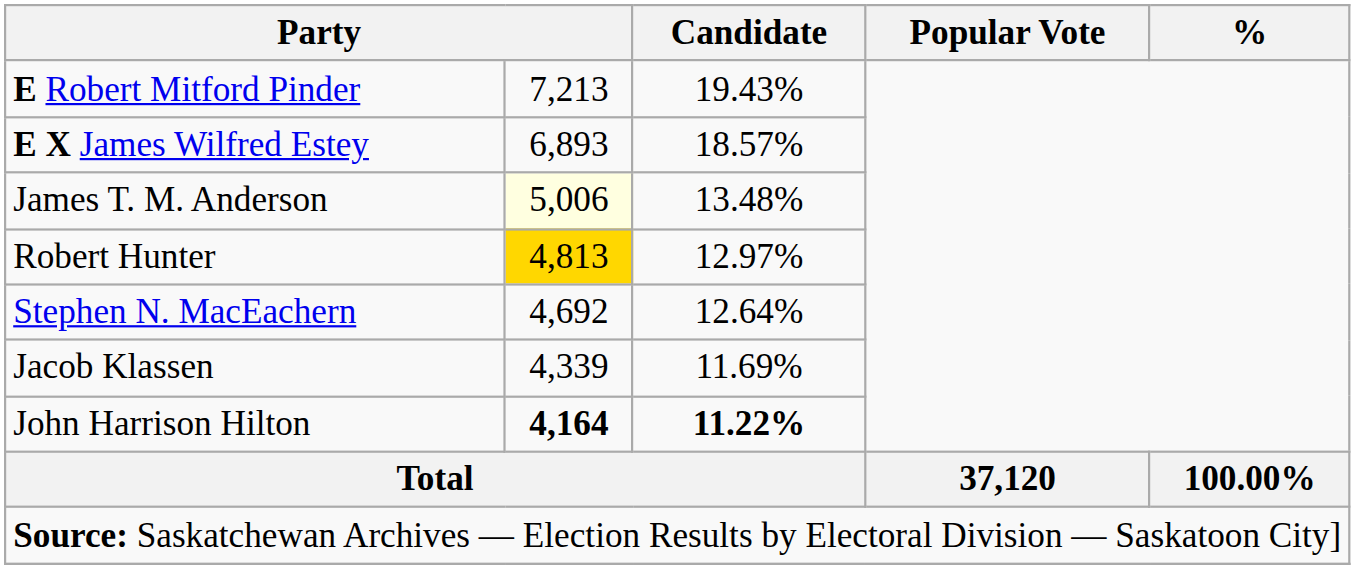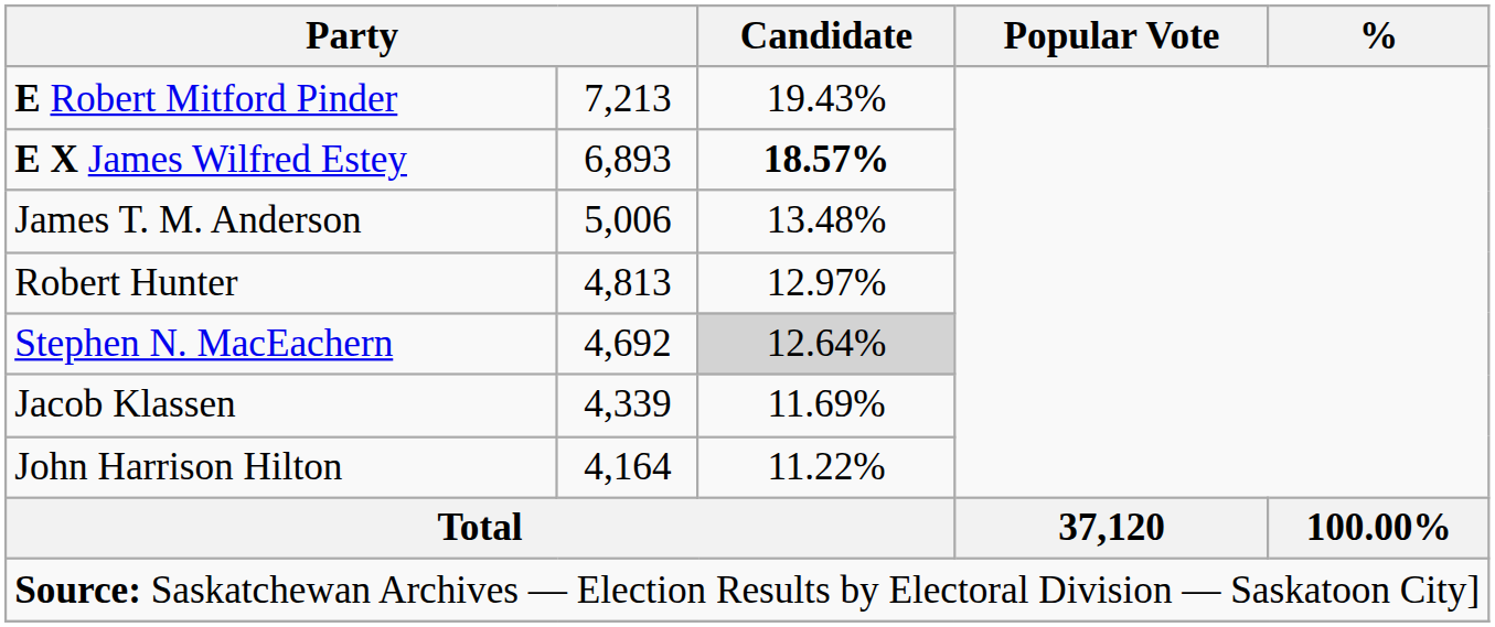 <table class="wikitable">
 <tr>
 <th colspan="2">Party</th>
 <th>Candidate</th>
 <th>Popular Vote</th>
 <th>%</th>
 </tr>
 <tr>
 <td><strong>E</strong> <a href='#'>Robert Mitford Pinder</a></td>
 <td align=center>7,213</td>
 <td align=center>19.43%</td>
 </tr>
 <tr>
 <td><strong>E</strong> <strong>X</strong> <a href='#'>James Wilfred Estey</a></td>
 <td align=center>6,893</td>
-<td align=center>18.57%</td>
+<td align=center><strong>18.57%</strong></td>
 </tr>
 <tr>
 <td>James T. M. Anderson</td>
-<td align=center style="background: lightyellow;">5,006</td>
+<td align=center>5,006</td>
 <td align=center>13.48%</td>
 </tr>
 <tr>
 <td>Robert Hunter</td>
-<td align=center style="background: gold;">4,813</td>
+<td align=center>4,813</td>
 <td align=center>12.97%</td>
 </tr>
 <tr>
 <td><a href='#'>Stephen N. MacEachern</a></td>
 <td align=center>4,692</td>
-<td align=center>12.64%</td>
+<td align=center style="background: lightgrey;">12.64%</td>
 </tr>
 <tr>
 <td>Jacob Klassen</td>
 <td align=center>4,339</td>
 <td align=center>11.69%</td>
 </tr>
 <tr>
 <td>John Harrison Hilton</td>
-<td align=center><strong>4,164</strong></td>
-<td align=center><strong>11.22%</strong></td>
+<td align=center>4,164</td>
+<td align=center>11.22%</td>
 </tr>
 <tr ->
 <th colspan=3>Total</th>
 <th>37,120</th>
 <th>100.00%</th>
 </tr>
 <tr>
 <td align="center" colspan=5><strong>Source:</strong> Saskatchewan Archives — Election Results by Electoral Division — Saskatoon City]</td>
 </tr>
 <tr>
 </tr>
 </table>
